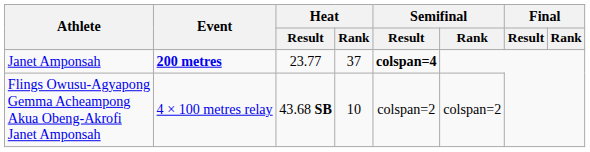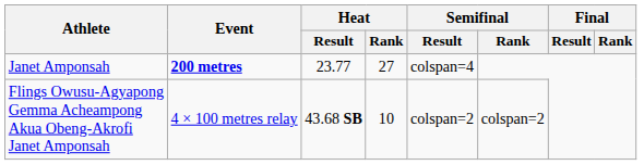 <table class="wikitable" style="font-size:90%">
 <tr>
 <th rowspan="2">Athlete</th>
 <th rowspan="2">Event</th>
 <th colspan="2">Heat</th>
 <th colspan="2">Semifinal</th>
 <th colspan="2">Final</th>
 </tr>
 <tr style="font-size:95%">
 <th>Result</th>
 <th>Rank</th>
 <th>Result</th>
 <th>Rank</th>
 <th>Result</th>
 <th>Rank</th>
 </tr>
 <tr style=text-align:center>
 <td style=text-align:left><a href='#'>Janet Amponsah</a></td>
 <td style=text-align:left><strong><a href='#'>200 metres</a></strong></td>
 <td>23.77</td>
-<td>37</td>
-<td><strong>colspan=4 </strong></td>
+<td>27</td>
+<td>colspan=4 </td>
 </tr>
 <tr style=text-align:center>
 <td style=text-align:left><a href='#'>Flings Owusu-Agyapong</a><br><a href='#'>Gemma Acheampong</a><br><a href='#'>Akua Obeng-Akrofi</a><br><a href='#'>Janet Amponsah</a><br></td>
 <td style=text-align:left><a href='#'>4 × 100 metres relay</a></td>
 <td>43.68 <strong>SB</strong></td>
 <td>10</td>
 <td>colspan=2 </td>
 <td>colspan=2 </td>
 </tr>
 </table>
